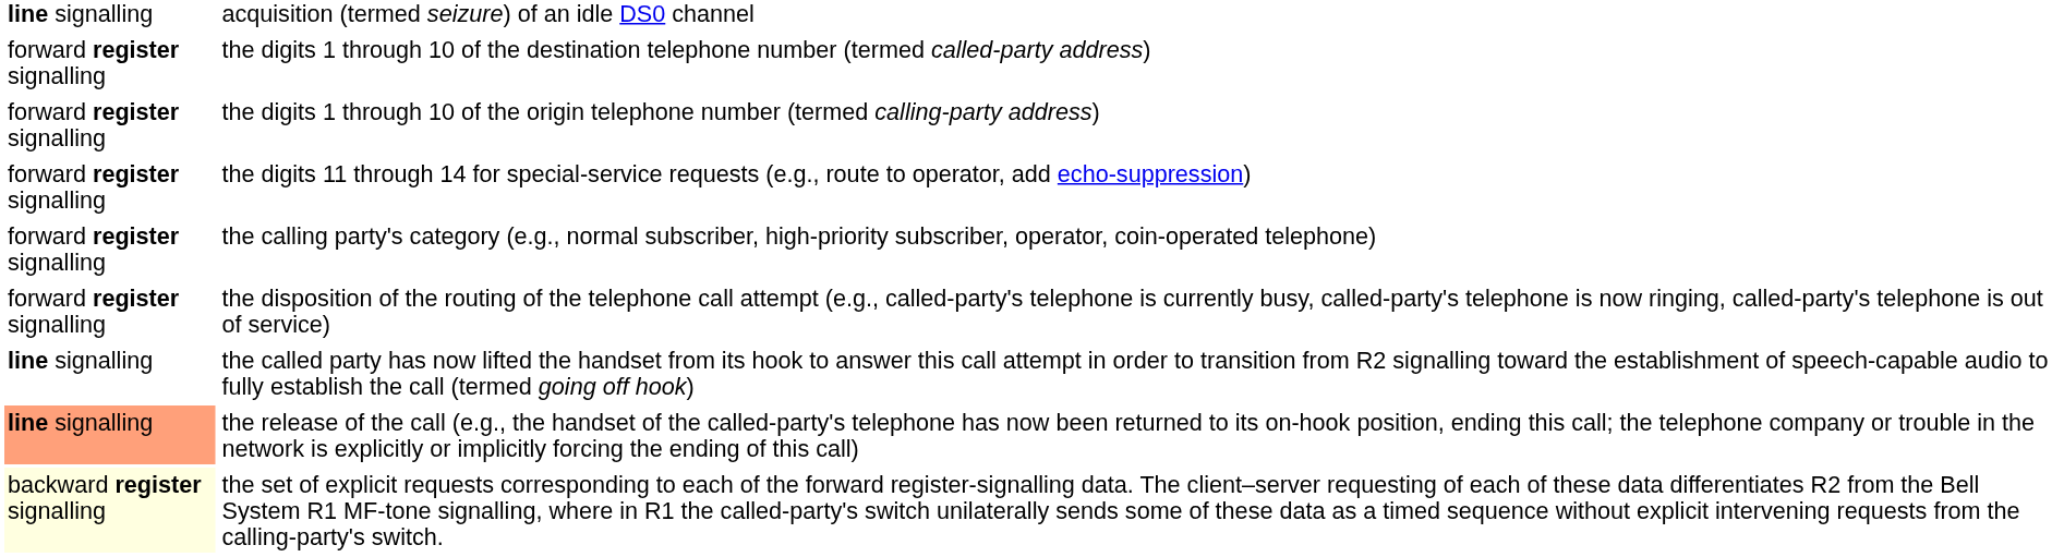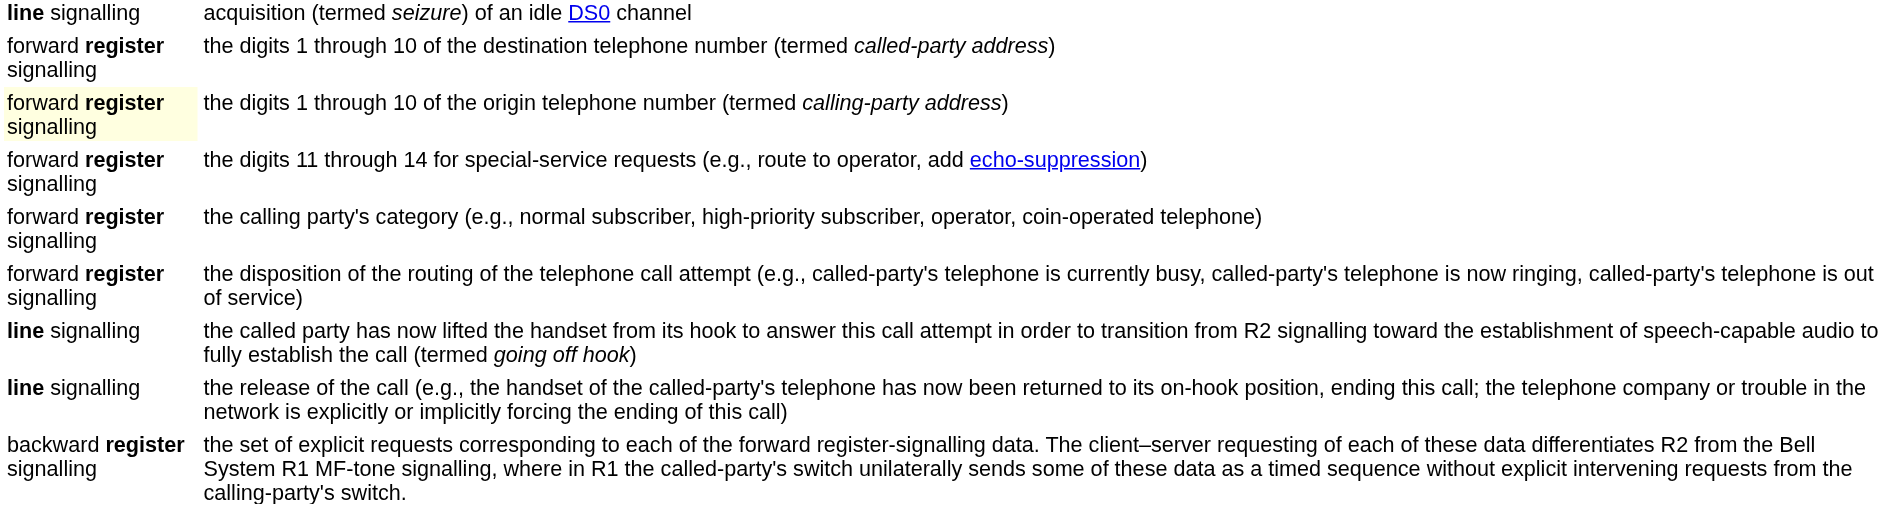 <table cellpadding="2" cellspacing="2" style="font-size: 90%;">
 <tr>
 <td valign="top" align="left" width="125pt"><strong>line</strong> signalling</td>
 <td valign="top">acquisition (termed <em>seizure</em>) of an idle <a href='#'>DS0</a> channel</td>
 </tr>
 <tr>
 <td valign="top" align="left" width="125pt">forward <strong>register</strong> signalling</td>
 <td valign="top">the digits 1 through 10 of the destination telephone number (termed <em>called-party address</em>)</td>
 </tr>
 <tr>
-<td valign="top" align="left" width="125pt">forward <strong>register</strong> signalling</td>
+<td valign="top" align="left" width="125pt" style="background: lightyellow;">forward <strong>register</strong> signalling</td>
 <td valign="top">the digits 1 through 10 of the origin telephone number (termed <em>calling-party address</em>)</td>
 </tr>
 <tr>
 <td valign="top" align="left" width="125pt">forward <strong>register</strong> signalling</td>
 <td valign="top">the digits 11 through 14 for special-service requests (e.g., route to operator, add <a href='#'>echo-suppression</a>)</td>
 </tr>
 <tr>
 <td valign="top" align="left" width="125pt">forward <strong>register</strong> signalling</td>
 <td valign="top">the calling party's category (e.g., normal subscriber, high-priority subscriber, operator, coin-operated telephone)</td>
 </tr>
 <tr>
 <td valign="top" align="left" width="125pt">forward <strong>register</strong> signalling</td>
 <td valign="top">the disposition of the routing of the telephone call attempt (e.g., called-party's telephone is currently busy, called-party's telephone is now ringing, called-party's telephone is out of service)</td>
 </tr>
 <tr>
 <td valign="top" align="left" width="125pt"><strong>line</strong> signalling</td>
 <td valign="top">the called party has now lifted the handset from its hook to answer this call attempt in order to transition from R2 signalling toward the establishment of speech-capable audio to fully establish the call (termed <em>going off hook</em>)</td>
 </tr>
 <tr>
-<td valign="top" align="left" width="125pt" style="background: lightsalmon;"><strong>line</strong> signalling</td>
+<td valign="top" align="left" width="125pt"><strong>line</strong> signalling</td>
 <td valign="top">the release of the call (e.g., the handset of the called-party's telephone has now been returned to its on-hook position, ending this call; the telephone company or trouble in the network is explicitly or implicitly forcing the ending of this call)</td>
 </tr>
 <tr>
-<td valign="top" align="left" width="125pt" style="background: lightyellow;">backward <strong>register</strong> signalling</td>
+<td valign="top" align="left" width="125pt">backward <strong>register</strong> signalling</td>
 <td valign="top">the set of explicit requests corresponding to each of the forward register-signalling data.  The client–server requesting of each of these data differentiates R2 from the Bell System R1 MF-tone signalling, where in R1 the called-party's switch unilaterally sends some of these data as a timed sequence without explicit intervening requests from the calling-party's switch.</td>
 </tr>
 </table>
